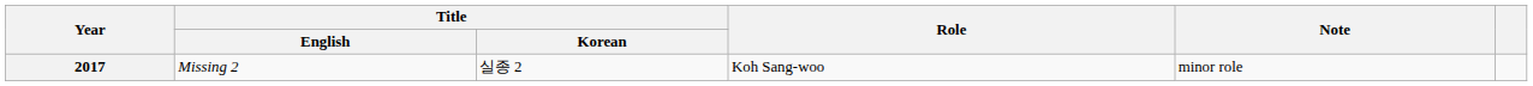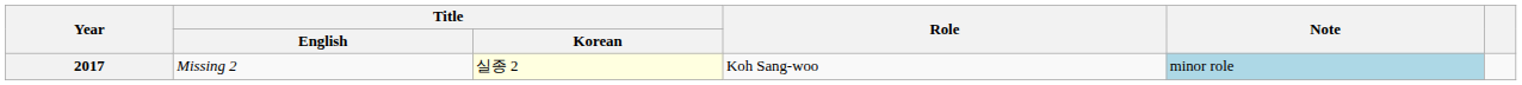 <table class="wikitable sortable plainrowheaders" style="text-align:left; font-size:100%; padding:0 auto; width:100%; margin:auto">
 <tr>
 <th rowspan="2" scope="col">Year</th>
 <th colspan="2" scope="col">Title</th>
 <th rowspan="2" scope="col">Role</th>
 <th rowspan="2" scope="col" class="unsortable">Note</th>
 <th rowspan="2" scope="col" class="unsortable"></th>
 </tr>
 <tr>
 <th>English</th>
 <th>Korean</th>
 </tr>
 <tr>
 <th scope="row">2017</th>
 <td><em>Missing 2</em></td>
-<td>실종 2</td>
+<td style="background: lightyellow;">실종 2</td>
 <td>Koh Sang-woo</td>
-<td>minor role</td>
+<td style="background: lightblue;">minor role</td>
 <td></td>
 </tr>
 </table>
